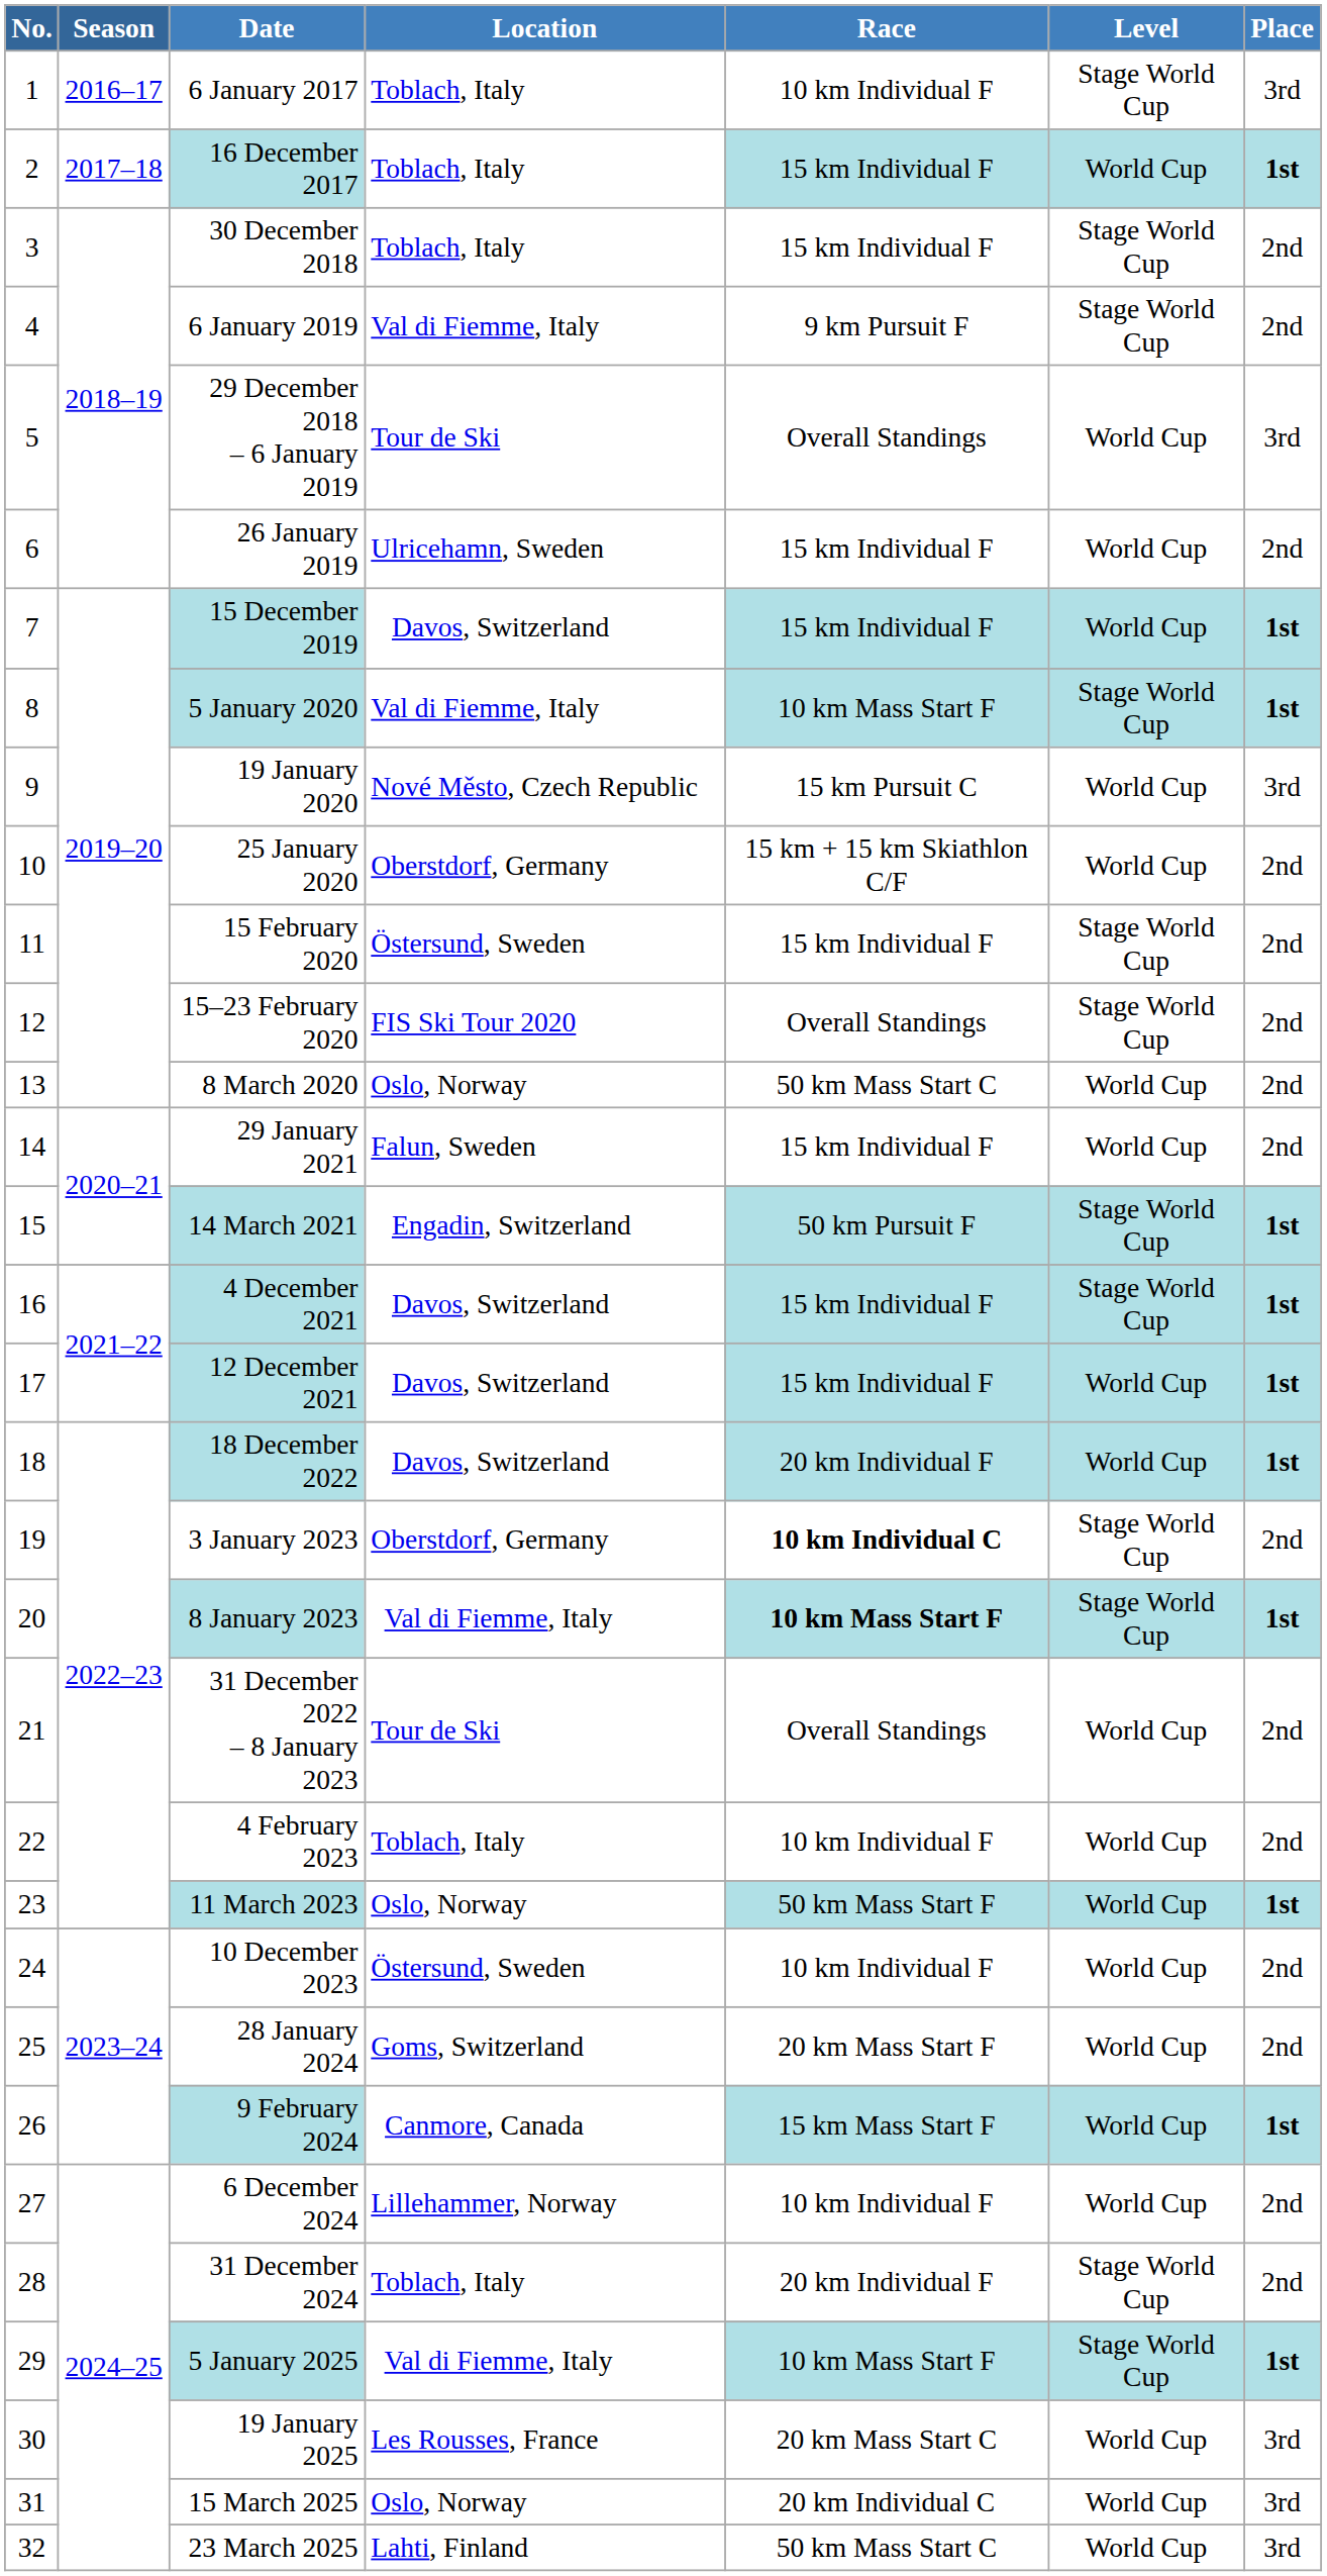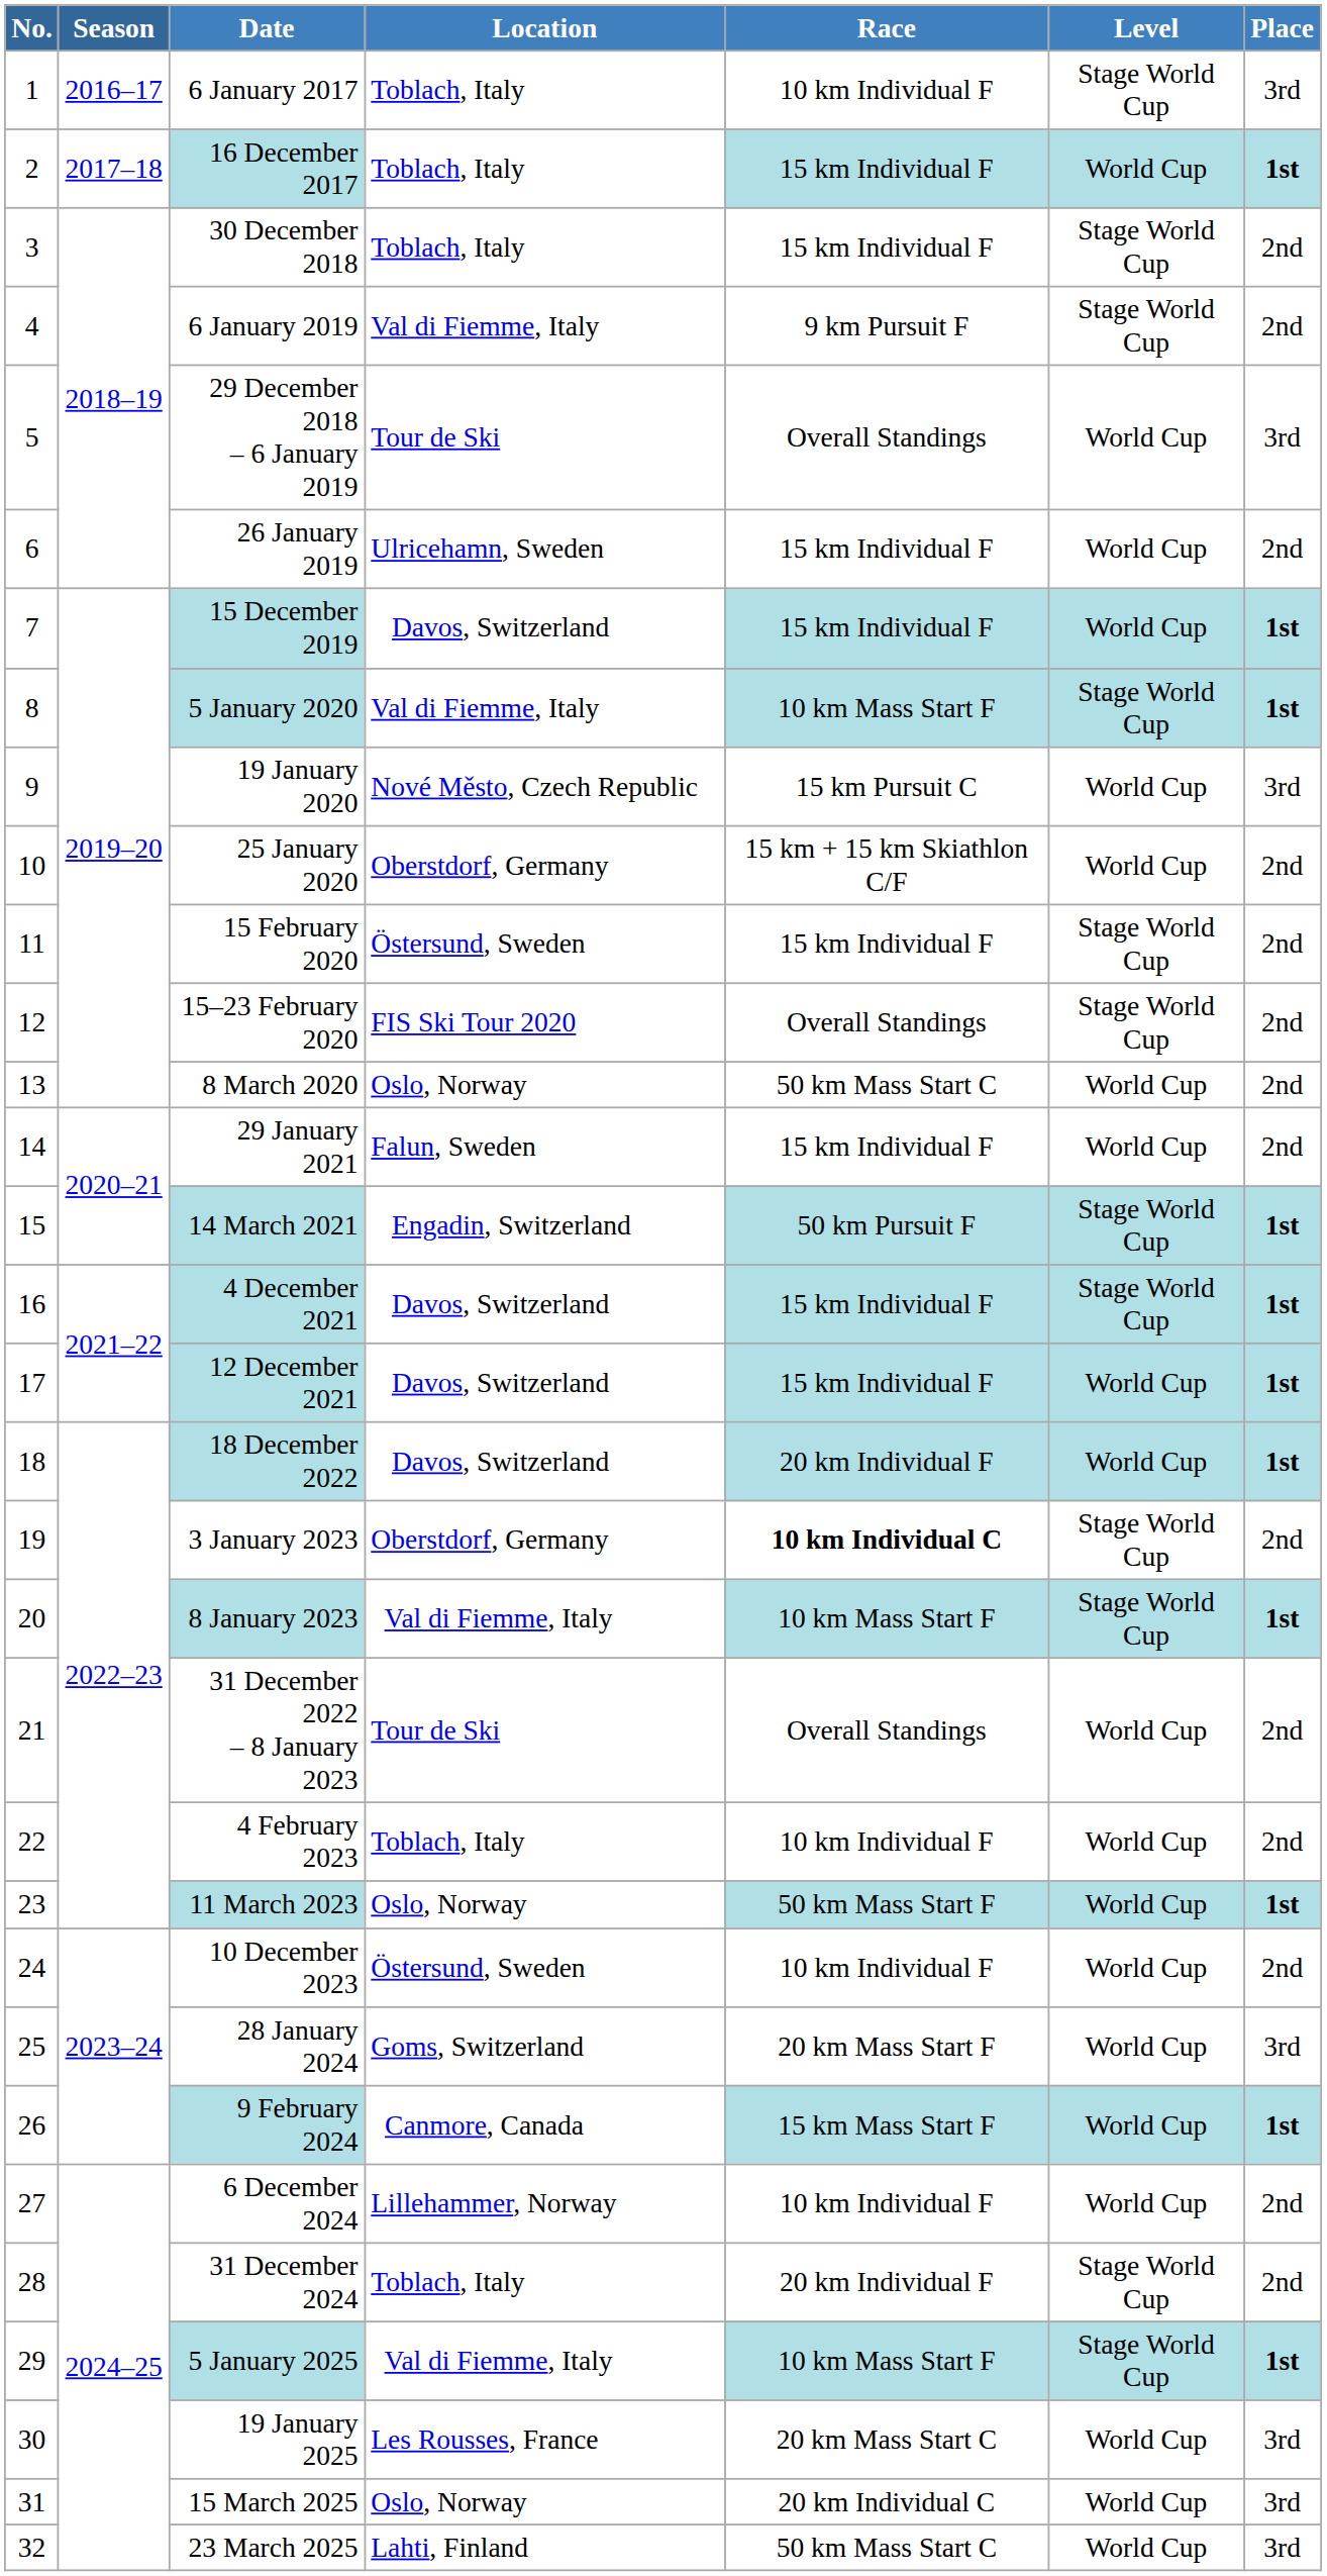 <table class="wikitable sortable" style="font-size:95%; text-align:center; border:grey solid 1px; border-collapse:collapse; background:#ffffff;">
 <tr style="background:#efefef;">
 <th style="background-color:#369; color:white;">No.</th>
 <th style="background-color:#369; color:white;">Season</th>
 <th style="background-color:#4180be; color:white; width:100px;">Date</th>
 <th style="background-color:#4180be; color:white; width:190px;">Location</th>
 <th style="background-color:#4180be; color:white; width:170px;">Race</th>
 <th style="background-color:#4180be; color:white; width:100px;">Level</th>
 <th style="background-color:#4180be; color:white;">Place</th>
 </tr>
 <tr>
 <td align=center>1</td>
 <td align=center><a href='#'>2016–17</a></td>
 <td align=right>6 January 2017</td>
 <td align=left> <a href='#'>Toblach</a>, Italy</td>
 <td>10 km Individual F</td>
 <td>Stage World Cup</td>
 <td>3rd</td>
 </tr>
 <tr>
 <td align=center>2</td>
 <td><a href='#'>2017–18</a></td>
 <td bgcolor="#BOEOE6" align=right>16 December 2017</td>
 <td align=left> <a href='#'>Toblach</a>, Italy</td>
 <td bgcolor="#BOEOE6">15 km Individual F</td>
 <td bgcolor="#BOEOE6">World Cup</td>
 <td bgcolor="#BOEOE6"><strong>1st</strong></td>
 </tr>
 <tr>
 <td align=center>3</td>
 <td rowspan=4 align=center><a href='#'>2018–19</a></td>
 <td align=right>30 December 2018</td>
 <td align=left> <a href='#'>Toblach</a>, Italy</td>
 <td>15 km Individual F</td>
 <td>Stage World Cup</td>
 <td>2nd</td>
 </tr>
 <tr>
 <td align=center>4</td>
 <td align=right>6 January 2019</td>
 <td align=left> <a href='#'>Val di Fiemme</a>, Italy</td>
 <td>9 km Pursuit F</td>
 <td>Stage World Cup</td>
 <td>2nd</td>
 </tr>
 <tr>
 <td align=center>5</td>
 <td align=right>29 December 2018<br>– 6 January 2019</td>
 <td align=left> <a href='#'>Tour de Ski</a></td>
 <td>Overall Standings</td>
 <td>World Cup</td>
 <td>3rd</td>
 </tr>
 <tr>
 <td align=center>6</td>
 <td align=right>26 January 2019</td>
 <td align=left> <a href='#'>Ulricehamn</a>, Sweden</td>
 <td>15 km Individual F</td>
 <td>World Cup</td>
 <td>2nd</td>
 </tr>
 <tr>
 <td align=center>7</td>
 <td rowspan=7 align=center><a href='#'>2019–20</a></td>
 <td bgcolor="#BOEOE6" align=right>15 December 2019</td>
 <td align=left>   <a href='#'>Davos</a>, Switzerland</td>
 <td bgcolor="#BOEOE6">15 km Individual F</td>
 <td bgcolor="#BOEOE6">World Cup</td>
 <td bgcolor="#BOEOE6"><strong>1st</strong></td>
 </tr>
 <tr>
 <td align=center>8</td>
 <td bgcolor="#BOEOE6" align=right>5 January 2020</td>
 <td align=left> <a href='#'>Val di Fiemme</a>, Italy</td>
 <td bgcolor="#BOEOE6">10 km Mass Start F</td>
 <td bgcolor="#BOEOE6">Stage World Cup</td>
 <td bgcolor="#BOEOE6"><strong>1st</strong></td>
 </tr>
 <tr>
 <td align=center>9</td>
 <td align=right>19 January 2020</td>
 <td align=left> <a href='#'>Nové Město</a>, Czech Republic</td>
 <td>15 km Pursuit C</td>
 <td>World Cup</td>
 <td>3rd</td>
 </tr>
 <tr>
 <td align=center>10</td>
 <td align=right>25 January 2020</td>
 <td align=left> <a href='#'>Oberstdorf</a>, Germany</td>
 <td>15 km + 15 km Skiathlon C/F</td>
 <td>World Cup</td>
 <td>2nd</td>
 </tr>
 <tr>
 <td align=center>11</td>
 <td align=right>15 February 2020</td>
 <td align=left> <a href='#'>Östersund</a>, Sweden</td>
 <td>15 km Individual F</td>
 <td>Stage World Cup</td>
 <td>2nd</td>
 </tr>
 <tr>
 <td align=center>12</td>
 <td align=right>15–23 February 2020</td>
 <td align=left> <a href='#'>FIS Ski Tour 2020</a></td>
 <td>Overall Standings</td>
 <td>Stage World Cup</td>
 <td>2nd</td>
 </tr>
 <tr>
 <td align=center>13</td>
 <td align=right>8 March 2020</td>
 <td align=left> <a href='#'>Oslo</a>, Norway</td>
 <td>50 km Mass Start C</td>
 <td>World Cup</td>
 <td>2nd</td>
 </tr>
 <tr>
 <td align=center>14</td>
 <td rowspan=2 align=center><a href='#'>2020–21</a></td>
 <td align=right>29 January 2021</td>
 <td align=left> <a href='#'>Falun</a>, Sweden</td>
 <td>15 km Individual F</td>
 <td>World Cup</td>
 <td>2nd</td>
 </tr>
 <tr>
 <td align=center>15</td>
 <td bgcolor="#BOEOE6" align=right>14 March 2021</td>
 <td align=left>   <a href='#'>Engadin</a>, Switzerland</td>
 <td bgcolor="#BOEOE6">50 km Pursuit F</td>
 <td bgcolor="#BOEOE6">Stage World Cup</td>
 <td bgcolor="#BOEOE6"><strong>1st</strong></td>
 </tr>
 <tr>
 <td align=center>16</td>
 <td rowspan=2  align=center><a href='#'>2021–22</a></td>
 <td bgcolor="#BOEOE6" align=right>4 December 2021</td>
 <td align=left>   <a href='#'>Davos</a>, Switzerland</td>
 <td bgcolor="#BOEOE6">15 km Individual F</td>
 <td bgcolor="#BOEOE6">Stage World Cup</td>
 <td bgcolor="#BOEOE6"><strong>1st</strong></td>
 </tr>
 <tr>
 <td align=center>17</td>
 <td bgcolor="#BOEOE6" align=right>12 December 2021</td>
 <td align=left>   <a href='#'>Davos</a>, Switzerland</td>
 <td bgcolor="#BOEOE6">15 km Individual F</td>
 <td bgcolor="#BOEOE6">World Cup</td>
 <td bgcolor="#BOEOE6"><strong>1st</strong></td>
 </tr>
 <tr>
 <td align=center>18</td>
 <td rowspan=6 align=center><a href='#'>2022–23</a></td>
 <td bgcolor="#BOEOE6" align=right>18 December 2022</td>
 <td align=left>   <a href='#'>Davos</a>, Switzerland</td>
 <td bgcolor="#BOEOE6">20 km Individual F</td>
 <td bgcolor="#BOEOE6">World Cup</td>
 <td bgcolor="#BOEOE6"><strong>1st</strong></td>
 </tr>
 <tr>
 <td align=center>19</td>
 <td align=right>3 January 2023</td>
 <td align=left> <a href='#'>Oberstdorf</a>, Germany</td>
 <td><strong>10 km Individual C</strong></td>
 <td>Stage World Cup</td>
 <td>2nd</td>
 </tr>
 <tr>
 <td align=center>20</td>
 <td bgcolor="#BOEOE6" align=right>8 January 2023</td>
 <td align=left>  <a href='#'>Val di Fiemme</a>, Italy</td>
-<td bgcolor="#BOEOE6"><strong>10 km Mass Start F</strong></td>
+<td bgcolor="#BOEOE6">10 km Mass Start F</td>
 <td bgcolor="#BOEOE6">Stage World Cup</td>
 <td bgcolor="#BOEOE6"><strong>1st</strong></td>
 </tr>
 <tr>
 <td align=center>21</td>
 <td align=right>31 December 2022<br>– 8 January 2023</td>
 <td align=left> <a href='#'>Tour de Ski</a></td>
 <td>Overall Standings</td>
 <td>World Cup</td>
 <td>2nd</td>
 </tr>
 <tr>
 <td align=center>22</td>
 <td align=right>4 February 2023</td>
 <td align=left> <a href='#'>Toblach</a>, Italy</td>
 <td>10 km Individual F</td>
 <td>World Cup</td>
 <td>2nd</td>
 </tr>
 <tr>
 <td align=center>23</td>
 <td bgcolor="#BOEOE6" align=right>11 March 2023</td>
 <td align=left> <a href='#'>Oslo</a>, Norway</td>
 <td bgcolor="#BOEOE6">50 km Mass Start F</td>
 <td bgcolor="#BOEOE6">World Cup</td>
 <td bgcolor="#BOEOE6"><strong>1st</strong></td>
 </tr>
 <tr>
 <td align=center>24</td>
 <td rowspan=3 align=center><a href='#'>2023–24</a></td>
 <td align=right>10 December 2023</td>
 <td align=left> <a href='#'>Östersund</a>, Sweden</td>
 <td>10 km Individual F</td>
 <td>World Cup</td>
 <td>2nd</td>
 </tr>
 <tr>
 <td align=center>25</td>
 <td align=right>28 January 2024</td>
 <td align=left> <a href='#'>Goms</a>, Switzerland</td>
 <td>20 km Mass Start F</td>
 <td>World Cup</td>
-<td>2nd</td>
+<td>3rd</td>
 </tr>
 <tr>
 <td align=center>26</td>
 <td bgcolor="#BOEOE6" align=right>9 February 2024</td>
 <td align=left>  <a href='#'>Canmore</a>, Canada</td>
 <td bgcolor="#BOEOE6">15 km Mass Start F</td>
 <td bgcolor="#BOEOE6">World Cup</td>
 <td bgcolor="#BOEOE6"><strong>1st</strong></td>
 </tr>
 <tr>
 <td align=center>27</td>
 <td rowspan=6 align=center><a href='#'>2024–25</a></td>
 <td align=right>6 December 2024</td>
 <td align=left> <a href='#'>Lillehammer</a>, Norway</td>
 <td>10 km Individual F</td>
 <td>World Cup</td>
 <td>2nd</td>
 </tr>
 <tr>
 <td align=center>28</td>
 <td align=right>31 December 2024</td>
 <td align=left> <a href='#'>Toblach</a>, Italy</td>
 <td>20 km Individual F</td>
 <td>Stage World Cup</td>
 <td>2nd</td>
 </tr>
 <tr>
 <td align=center>29</td>
 <td bgcolor="#BOEOE6" align=right>5 January 2025</td>
 <td align=left>  <a href='#'>Val di Fiemme</a>, Italy</td>
 <td bgcolor="#BOEOE6">10 km Mass Start F</td>
 <td bgcolor="#BOEOE6">Stage World Cup</td>
 <td bgcolor="#BOEOE6"><strong>1st</strong></td>
 </tr>
 <tr>
 <td align=center>30</td>
 <td align=right>19 January 2025</td>
 <td align=left> <a href='#'>Les Rousses</a>, France</td>
 <td>20 km Mass Start C</td>
 <td>World Cup</td>
 <td>3rd</td>
 </tr>
 <tr>
 <td align=center>31</td>
 <td align=right>15 March 2025</td>
 <td align=left> <a href='#'>Oslo</a>, Norway</td>
 <td>20 km Individual C</td>
 <td>World Cup</td>
 <td>3rd</td>
 </tr>
 <tr>
 <td align=center>32</td>
 <td align=right>23 March 2025</td>
 <td align=left> <a href='#'>Lahti</a>, Finland</td>
 <td>50 km Mass Start C</td>
 <td>World Cup</td>
 <td>3rd</td>
 </tr>
 </table>
